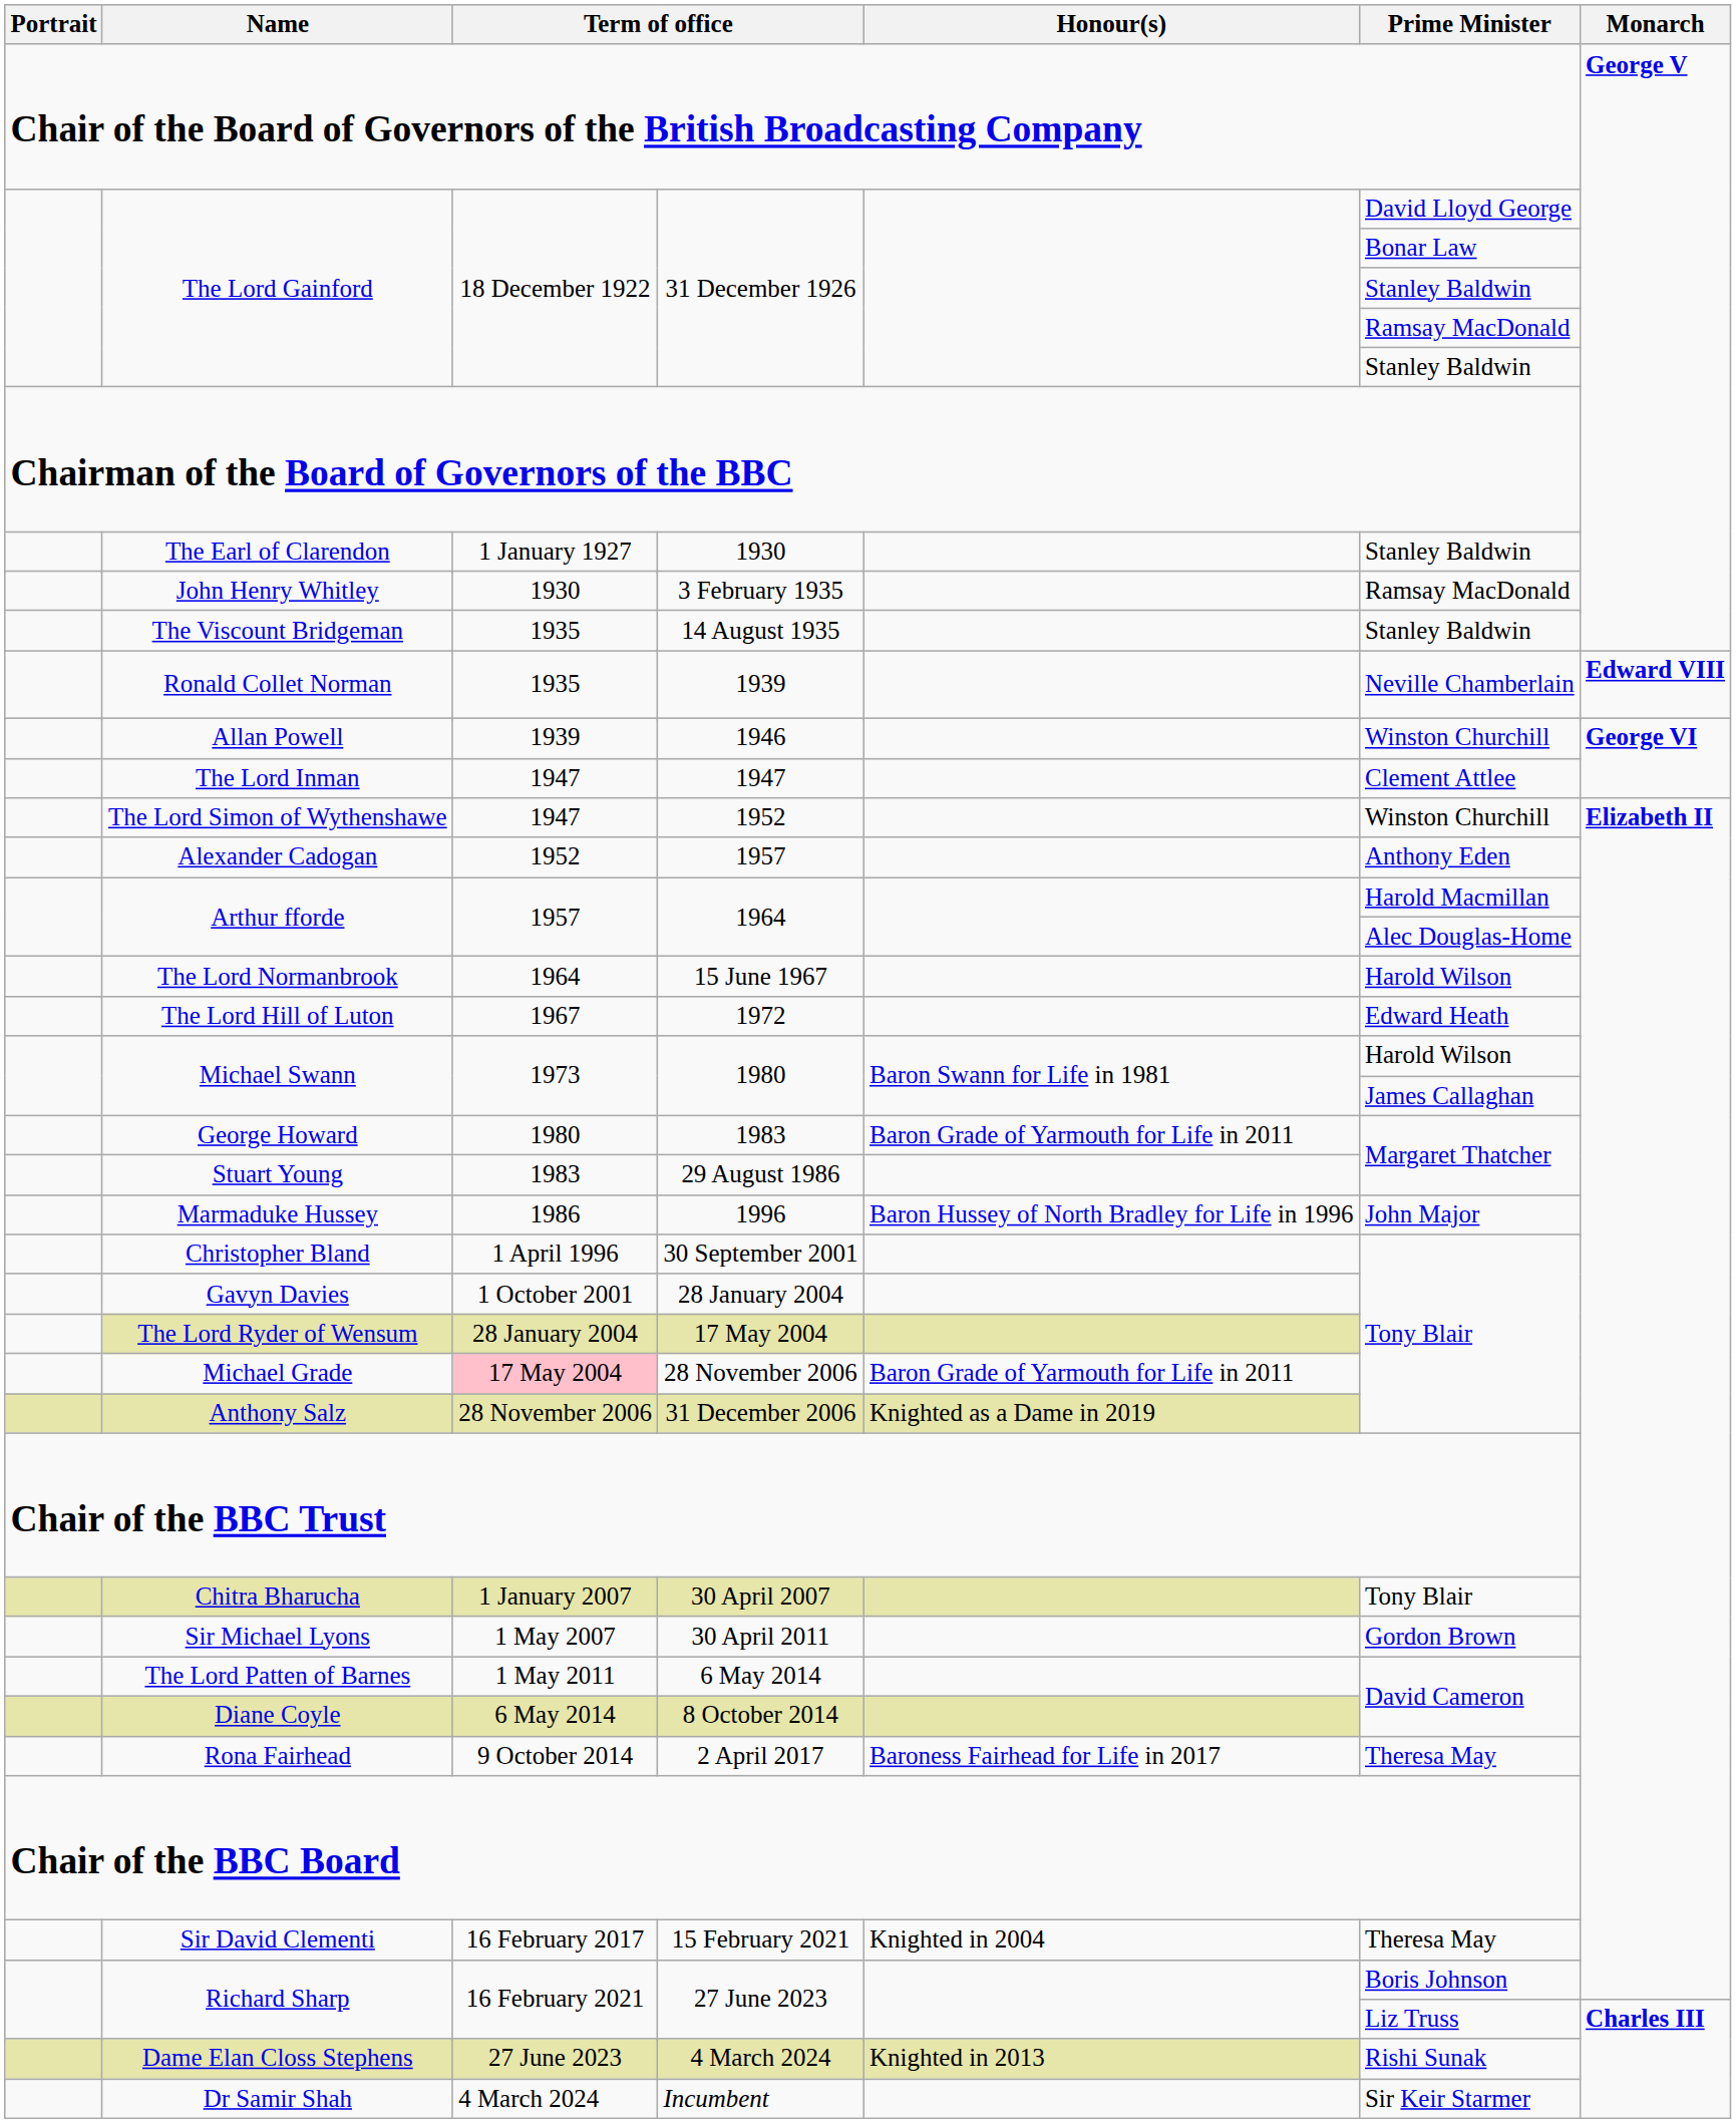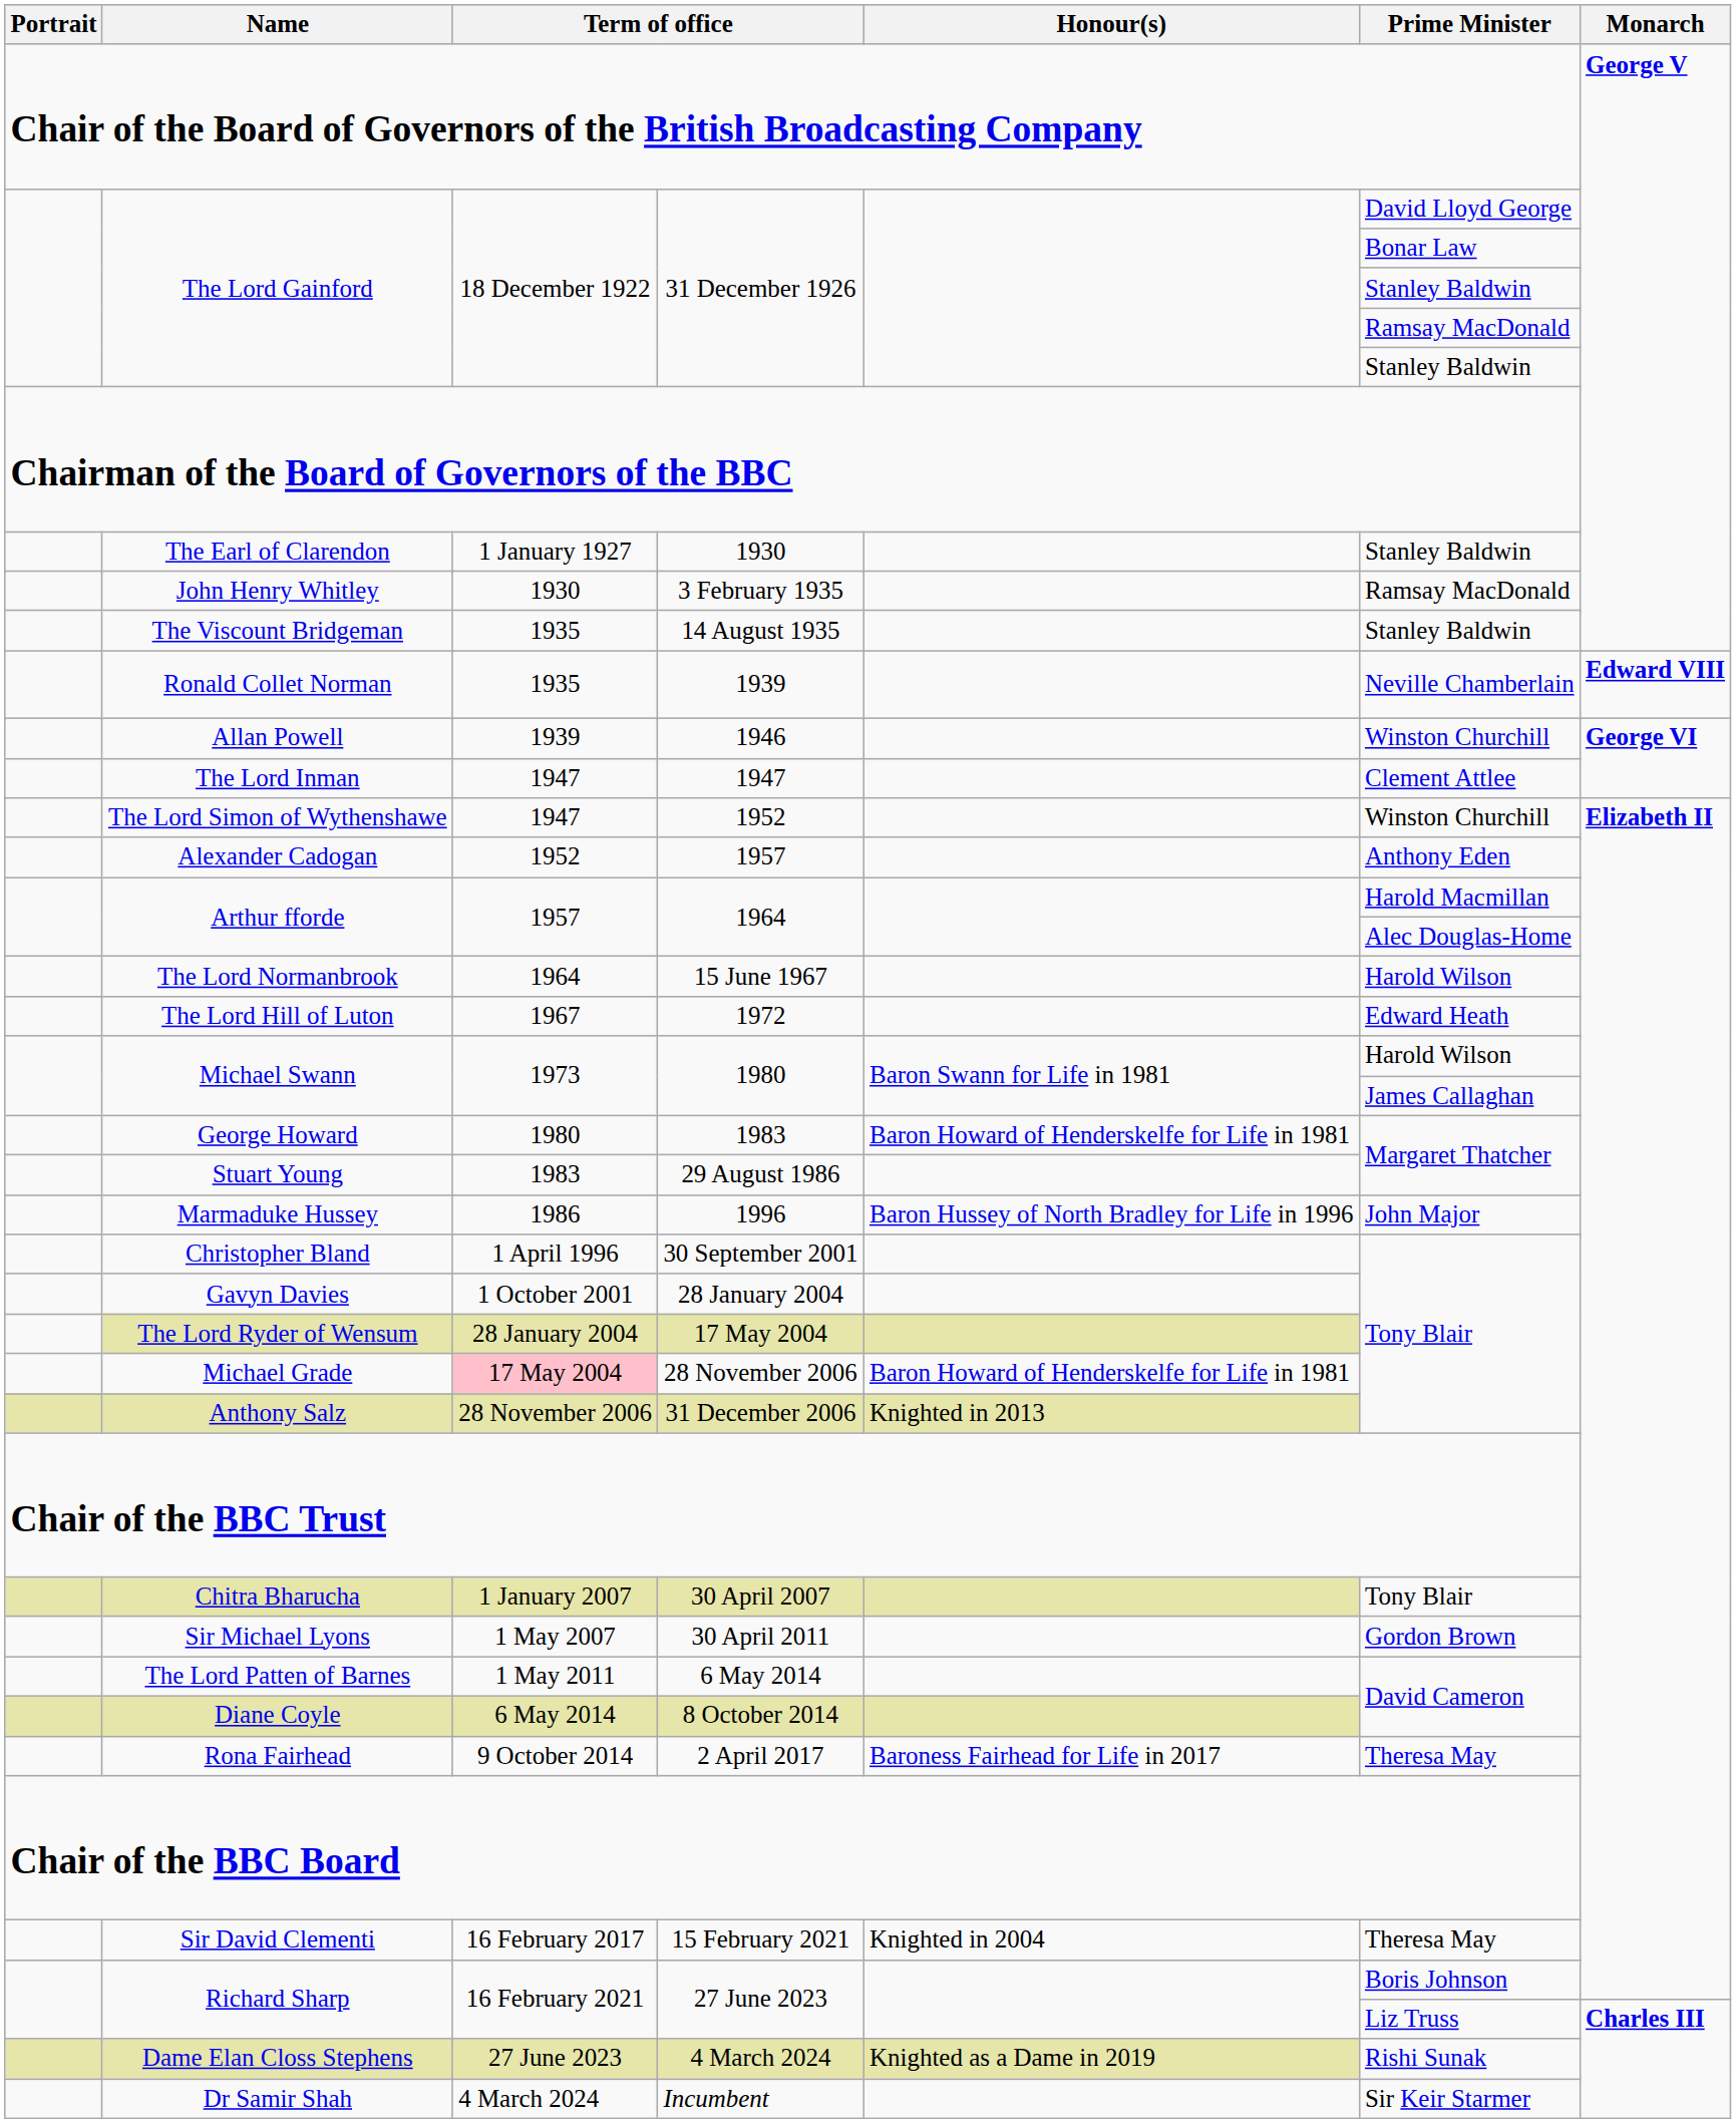 <table class="sortable wikitable">
 <tr>
 <th>Portrait</th>
 <th>Name<br></th>
 <th colspan=2>Term of office</th>
 <th>Honour(s)</th>
 <th>Prime Minister</th>
 <th>Monarch</th>
 </tr>
 <tr>
 <td colspan="6"><br><h2>Chair of the Board of Governors of the <a href='#'>British Broadcasting Company</a></h2></td>
 <td rowspan="13" style="vertical-align: top;"><strong><a href='#'>George V</a></strong><br><br></td>
 </tr>
 <tr>
 <td rowspan=5></td>
 <td rowspan=5 align=center><a href='#'>The Lord Gainford</a><br></td>
 <td rowspan=5 align=center>18 December 1922</td>
 <td rowspan=5 align=center>31 December 1926</td>
 <td rowspan=5></td>
 <td><a href='#'>David Lloyd George</a></td>
 </tr>
 <tr>
 <td><a href='#'>Bonar Law</a></td>
 </tr>
 <tr>
 <td><a href='#'>Stanley Baldwin</a></td>
 </tr>
 <tr>
 <td><a href='#'>Ramsay MacDonald</a></td>
 </tr>
 <tr>
 <td>Stanley Baldwin</td>
 </tr>
 <tr>
 <td colspan="6"><br><h2>Chairman of the <a href='#'>Board of Governors of the BBC</a></h2></td>
 </tr>
 <tr>
 <td rowspan=2></td>
 <td rowspan=2 align=center><a href='#'>The Earl of Clarendon</a><br></td>
 <td rowspan=2 align=center>1 January 1927</td>
 <td rowspan=2 align=center>1930</td>
 <td rowspan=2></td>
 <td>Stanley Baldwin</td>
 </tr>
 <tr>
 <td rowspan=3>Ramsay MacDonald</td>
 </tr>
 <tr>
 <td></td>
 <td align=center><a href='#'>John Henry Whitley</a><br></td>
 <td align=center>1930</td>
 <td align=center>3 February 1935<br></td>
 <td></td>
 </tr>
 <tr>
 <td rowspan=2></td>
 <td rowspan=2 align=center><a href='#'>The Viscount Bridgeman</a><br></td>
 <td rowspan=2 align=center>1935</td>
 <td rowspan=2 align=center>14 August 1935<br></td>
 <td rowspan=2></td>
 </tr>
 <tr>
 <td rowspan=2>Stanley Baldwin</td>
 </tr>
 <tr>
 <td rowspan=3></td>
 <td rowspan=3 align=center><a href='#'>Ronald Collet Norman</a><br></td>
 <td rowspan=3 align=center>1935</td>
 <td rowspan=3 align=center>1939</td>
 <td rowspan=3></td>
 </tr>
 <tr>
 <td rowspan=3><a href='#'>Neville Chamberlain</a></td>
 <td style="vertical-align: top;"><strong><a href='#'>Edward VIII</a></strong><br><br></td>
 </tr>
 <tr>
 <td rowspan=6 style="vertical-align: top;"><strong><a href='#'>George VI</a></strong><br><br></td>
 </tr>
 <tr>
 <td rowspan=3></td>
 <td rowspan=3 align=center><a href='#'>Allan Powell</a><br></td>
 <td rowspan=3 align=center>1939</td>
 <td rowspan=3 align=center>1946</td>
 <td rowspan=3></td>
 </tr>
 <tr>
 <td><a href='#'>Winston Churchill</a></td>
 </tr>
 <tr>
 <td rowspan=3><a href='#'>Clement Attlee</a></td>
 </tr>
 <tr>
 <td></td>
 <td align=center><a href='#'>The Lord Inman</a><br></td>
 <td align=center>1947</td>
 <td align=center>1947</td>
 <td></td>
 </tr>
 <tr>
 <td rowspan=2></td>
 <td rowspan=2 align=center><a href='#'>The Lord Simon of Wythenshawe</a><br></td>
 <td rowspan=2 align=center>1947</td>
 <td rowspan=2 align=center>1952</td>
 <td rowspan=2></td>
 </tr>
 <tr>
 <td rowspan=2>Winston Churchill</td>
 <td rowspan="37" style="vertical-align: top;"><strong><a href='#'>Elizabeth II</a></strong><br><br></td>
 </tr>
 <tr>
 <td rowspan=3></td>
 <td rowspan=3 align=center><a href='#'>Alexander Cadogan</a><br></td>
 <td rowspan=3 align=center>1952</td>
 <td rowspan=3 align=center>1957</td>
 <td rowspan=3></td>
 </tr>
 <tr>
 <td><a href='#'>Anthony Eden</a></td>
 </tr>
 <tr>
 <td rowspan=2><a href='#'>Harold Macmillan</a></td>
 </tr>
 <tr>
 <td rowspan=2></td>
 <td rowspan=2 align=center><a href='#'>Arthur fforde</a><br></td>
 <td rowspan=2 align=center>1957</td>
 <td rowspan=2 align=center>1964</td>
 <td rowspan=2></td>
 </tr>
 <tr>
 <td><a href='#'>Alec Douglas-Home</a></td>
 </tr>
 <tr>
 <td></td>
 <td align=center><a href='#'>The Lord Normanbrook</a><br></td>
 <td align=center>1964</td>
 <td align=center>15 June 1967<br></td>
 <td></td>
 <td rowspan=2><a href='#'>Harold Wilson</a></td>
 </tr>
 <tr>
 <td rowspan=2></td>
 <td rowspan=2 align=center><a href='#'>The Lord Hill of Luton</a><br></td>
 <td rowspan=2 align=center>1967</td>
 <td rowspan=2 align=center>1972</td>
 <td rowspan=2></td>
 </tr>
 <tr>
 <td rowspan=2><a href='#'>Edward Heath</a></td>
 </tr>
 <tr>
 <td rowspan=4></td>
 <td rowspan=4 align=center><a href='#'>Michael Swann</a><br></td>
 <td rowspan=4 align=center>1973</td>
 <td rowspan=4 align=center>1980</td>
 <td rowspan=4><a href='#'>Baron Swann for Life</a> in 1981</td>
 </tr>
 <tr>
 <td>Harold Wilson</td>
 </tr>
 <tr>
 <td><a href='#'>James Callaghan</a></td>
 </tr>
 <tr>
 <td rowspan=4><a href='#'>Margaret Thatcher</a></td>
 </tr>
 <tr>
 <td></td>
 <td align=center><a href='#'>George Howard</a><br></td>
 <td align=center>1980</td>
 <td align=center>1983</td>
-<td><a href='#'>Baron Grade of Yarmouth for Life</a> in 2011</td>
+<td><a href='#'>Baron Howard of Henderskelfe for Life</a> in 1981</td>
 </tr>
 <tr>
 <td></td>
 <td align=center><a href='#'>Stuart Young</a><br></td>
 <td align=center>1983</td>
 <td align=center>29 August 1986<br></td>
 <td></td>
 </tr>
 <tr>
 <td rowspan=2></td>
 <td rowspan=2 align=center><a href='#'>Marmaduke Hussey</a><br></td>
 <td rowspan=2 align=center>1986</td>
 <td rowspan=2 align=center>1996</td>
 <td rowspan=2><a href='#'>Baron Hussey of North Bradley for Life</a> in 1996</td>
 </tr>
 <tr>
 <td rowspan=2><a href='#'>John Major</a></td>
 </tr>
 <tr>
 <td rowspan=2></td>
 <td rowspan=2 align=center><a href='#'>Christopher Bland</a><br></td>
 <td rowspan=2 align=center>1 April 1996</td>
 <td rowspan=2 align=center>30 September 2001</td>
 <td rowspan=2></td>
 </tr>
 <tr>
 <td rowspan=5><a href='#'>Tony Blair</a></td>
 </tr>
 <tr>
 <td></td>
 <td align=center><a href='#'>Gavyn Davies</a><br></td>
 <td align=center>1 October 2001</td>
 <td align=center>28 January 2004</td>
 <td></td>
 </tr>
 <tr>
 <td></td>
 <td style="background:#e6e6aa;" align=center><a href='#'>The Lord Ryder of Wensum</a><br></td>
 <td style="background:#e6e6aa;" align=center>28 January 2004</td>
 <td style="background:#e6e6aa;" align=center>17 May 2004</td>
 <td style="background:#e6e6aa;"></td>
 </tr>
 <tr>
 <td></td>
 <td align=center><a href='#'>Michael Grade</a><br></td>
 <td align=center style="background: pink;">17 May 2004</td>
 <td align=center>28 November 2006</td>
-<td><a href='#'>Baron Grade of Yarmouth for Life</a> in 2011</td>
+<td><a href='#'>Baron Howard of Henderskelfe for Life</a> in 1981</td>
 </tr>
 <tr>
 <td style="background:#e6e6aa;"></td>
 <td style="background:#e6e6aa;" align=center><a href='#'>Anthony Salz</a><br></td>
 <td style="background:#e6e6aa;" align=center>28 November 2006</td>
 <td style="background:#e6e6aa;" align=center>31 December 2006</td>
-<td style="background:#e6e6aa;">Knighted as a Dame in 2019</td>
+<td style="background:#e6e6aa;">Knighted in 2013</td>
 </tr>
 <tr>
 <td colspan="6"><br><h2>Chair of the <a href='#'>BBC Trust</a></h2></td>
 </tr>
 <tr>
 <td style="background:#e6e6aa;"></td>
 <td style="background:#e6e6aa;" align=center><a href='#'>Chitra Bharucha</a><br></td>
 <td style="background:#e6e6aa;" align=center>1 January 2007</td>
 <td style="background:#e6e6aa;" align=center>30 April 2007</td>
 <td style="background:#e6e6aa;" align=center></td>
 <td rowspan=2>Tony Blair</td>
 </tr>
 <tr>
 <td rowspan=3></td>
 <td rowspan=3 align=center><a href='#'>Sir Michael Lyons</a><br></td>
 <td rowspan=3 align=center>1 May 2007</td>
 <td rowspan=3 align=center>30 April 2011</td>
 <td rowspan=3></td>
 </tr>
 <tr>
 <td><a href='#'>Gordon Brown</a></td>
 </tr>
 <tr>
 <td rowspan=4><a href='#'>David Cameron</a></td>
 </tr>
 <tr>
 <td></td>
 <td align=center><a href='#'>The Lord Patten of Barnes</a><br></td>
 <td align=center>1 May 2011</td>
 <td align=center>6 May 2014</td>
 <td></td>
 </tr>
 <tr style="background:#e6e6aa;"|>
 <td style="background:#e6e6aa;"></td>
 <td style="background:#e6e6aa;" align=center><a href='#'>Diane Coyle</a><br></td>
 <td style="background:#e6e6aa;" align=center>6 May 2014</td>
 <td style="background:#e6e6aa;" align=center>8 October 2014</td>
 <td style="background:#e6e6aa;" align=center></td>
 </tr>
 <tr>
 <td rowspan=2></td>
 <td rowspan=2 align=center><a href='#'>Rona Fairhead</a><br></td>
 <td rowspan=2 align=center>9 October 2014</td>
 <td rowspan=2 align=center>2 April 2017</td>
 <td rowspan=2><a href='#'>Baroness Fairhead for Life</a> in 2017</td>
 </tr>
 <tr>
 <td><a href='#'>Theresa May</a></td>
 </tr>
 <tr>
 <td colspan="6"><br><h2>Chair of the <a href='#'>BBC Board</a></h2></td>
 </tr>
 <tr>
 <td rowspan=2></td>
 <td rowspan=2 align=center><a href='#'>Sir David Clementi</a><br></td>
 <td rowspan=2 align=center>16 February 2017</td>
 <td rowspan=2 align=center>15 February 2021</td>
 <td rowspan=2>Knighted in 2004</td>
 <td rowspan=1>Theresa May</td>
 </tr>
 <tr>
 <td rowspan=2><a href='#'>Boris Johnson</a></td>
 </tr>
 <tr>
 <td rowspan=4></td>
 <td rowspan=4 align=center><a href='#'>Richard Sharp</a><br></td>
 <td rowspan=4 align=center>16 February 2021</td>
 <td rowspan=4 align=center>27 June 2023</td>
 <td rowspan=4></td>
 </tr>
 <tr>
 <td rowspan=2><a href='#'>Liz Truss</a></td>
 </tr>
 <tr>
 <td rowspan="5" style="vertical-align: top;"><strong><a href='#'>Charles III</a></strong><br><br></td>
 </tr>
 <tr>
 <td rowspan="3"><a href='#'>Rishi Sunak</a></td>
 </tr>
 <tr>
 <td style="background:#e6e6aa;"></td>
 <td style="background:#e6e6aa;" align=center><a href='#'>Dame Elan Closs Stephens</a><br></td>
 <td style="background:#e6e6aa;" align=center>27 June 2023</td>
 <td style="background:#e6e6aa;" align=center>4 March 2024</td>
-<td style="background:#e6e6aa;">Knighted in 2013</td>
+<td style="background:#e6e6aa;">Knighted as a Dame in 2019</td>
 </tr>
 <tr>
 <td rowspan=3></td>
 <td rowspan=3 align=center><a href='#'>Dr Samir Shah</a><br></td>
 <td rowspan=3>4 March 2024</td>
 <td rowspan=3><em>Incumbent</em></td>
 <td rowspan=3></td>
 </tr>
 <tr>
 <td Rowspan="2">Sir <a href='#'>Keir Starmer</a></td>
 </tr>
 </table>
